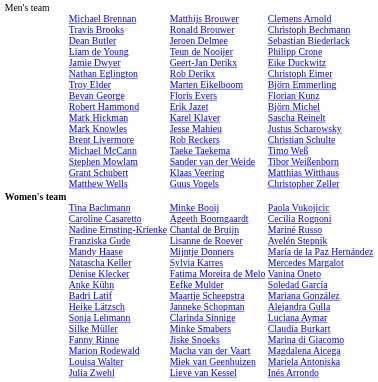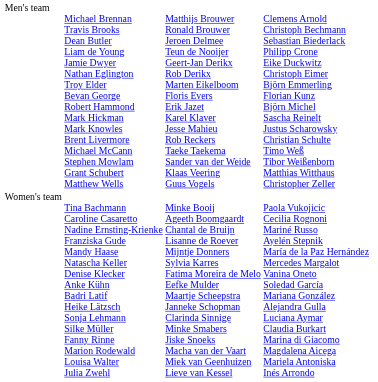 <table>
 <tr valign="top">
 <td>Men's team<br></td>
 <td><br><a href='#'>Michael Brennan</a><br><a href='#'>Travis Brooks</a><br><a href='#'>Dean Butler</a><br><a href='#'>Liam de Young</a><br><a href='#'>Jamie Dwyer</a><br><a href='#'>Nathan Eglington</a><br><a href='#'>Troy Elder</a><br><a href='#'>Bevan George</a><br><a href='#'>Robert Hammond</a><br><a href='#'>Mark Hickman</a><br><a href='#'>Mark Knowles</a><br><a href='#'>Brent Livermore</a><br><a href='#'>Michael McCann</a><br><a href='#'>Stephen Mowlam</a><br><a href='#'>Grant Schubert</a><br><a href='#'>Matthew Wells</a></td>
 <td><br><a href='#'>Matthijs Brouwer</a><br><a href='#'>Ronald Brouwer</a><br><a href='#'>Jeroen Delmee</a><br><a href='#'>Teun de Nooijer</a><br><a href='#'>Geert-Jan Derikx</a><br><a href='#'>Rob Derikx</a><br><a href='#'>Marten Eikelboom</a><br><a href='#'>Floris Evers</a><br><a href='#'>Erik Jazet</a><br><a href='#'>Karel Klaver</a><br><a href='#'>Jesse Mahieu</a><br><a href='#'>Rob Reckers</a><br><a href='#'>Taeke Taekema</a><br><a href='#'>Sander van der Weide</a><br><a href='#'>Klaas Veering</a><br><a href='#'>Guus Vogels</a></td>
 <td><br><a href='#'>Clemens Arnold</a><br><a href='#'>Christoph Bechmann</a><br><a href='#'>Sebastian Biederlack</a><br><a href='#'>Philipp Crone</a><br><a href='#'>Eike Duckwitz</a><br><a href='#'>Christoph Eimer</a><br><a href='#'>Björn Emmerling</a><br><a href='#'>Florian Kunz</a><br><a href='#'>Björn Michel</a><br><a href='#'>Sascha Reinelt</a><br><a href='#'>Justus Scharowsky</a><br><a href='#'>Christian Schulte</a><br><a href='#'>Timo Weß</a><br><a href='#'>Tibor Weißenborn</a><br><a href='#'>Matthias Witthaus</a><br><a href='#'>Christopher Zeller</a></td>
 </tr>
 <tr valign="top">
-<td><strong>Women's team<br></strong></td>
+<td>Women's team<br></td>
 <td><br><a href='#'>Tina Bachmann</a><br><a href='#'>Caroline Casaretto</a><br><a href='#'>Nadine Ernsting-Krienke</a><br><a href='#'>Franziska Gude</a><br><a href='#'>Mandy Haase</a><br><a href='#'>Natascha Keller</a><br><a href='#'>Denise Klecker</a><br><a href='#'>Anke Kühn</a><br><a href='#'>Badri Latif</a><br><a href='#'>Heike Lätzsch</a><br><a href='#'>Sonja Lehmann</a><br><a href='#'>Silke Müller</a><br><a href='#'>Fanny Rinne</a><br><a href='#'>Marion Rodewald</a><br><a href='#'>Louisa Walter</a><br><a href='#'>Julia Zwehl</a></td>
 <td><br><a href='#'>Minke Booij</a><br><a href='#'>Ageeth Boomgaardt</a><br><a href='#'>Chantal de Bruijn</a><br><a href='#'>Lisanne de Roever</a><br><a href='#'>Mijntje Donners</a><br><a href='#'>Sylvia Karres</a><br><a href='#'>Fatima Moreira de Melo</a><br><a href='#'>Eefke Mulder</a><br><a href='#'>Maartje Scheepstra</a><br><a href='#'>Janneke Schopman</a><br><a href='#'>Clarinda Sinnige</a><br><a href='#'>Minke Smabers</a><br><a href='#'>Jiske Snoeks</a><br><a href='#'>Macha van der Vaart</a><br><a href='#'>Miek van Geenhuizen</a><br><a href='#'>Lieve van Kessel</a></td>
 <td><br><a href='#'>Paola Vukojicic</a><br><a href='#'>Cecilia Rognoni</a><br><a href='#'>Mariné Russo</a><br><a href='#'>Ayelén Stepnik</a><br><a href='#'>María de la Paz Hernández</a><br><a href='#'>Mercedes Margalot</a><br><a href='#'>Vanina Oneto</a><br><a href='#'>Soledad García</a><br><a href='#'>Mariana González</a><br><a href='#'>Alejandra Gulla</a><br><a href='#'>Luciana Aymar</a><br><a href='#'>Claudia Burkart</a><br><a href='#'>Marina di Giacomo</a><br><a href='#'>Magdalena Aicega</a><br><a href='#'>Mariela Antoniska</a><br><a href='#'>Inés Arrondo</a></td>
 </tr>
 </table>
